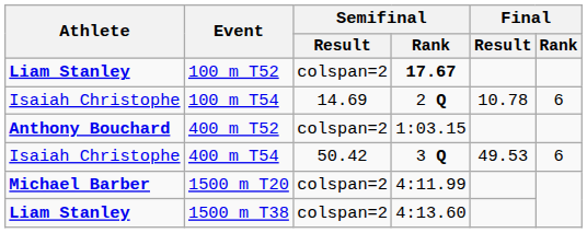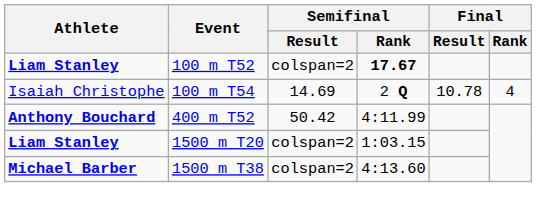 <table class="wikitable" style="font-size:90%">
 <tr>
 <th rowspan="2">Athlete</th>
 <th rowspan="2">Event</th>
 <th colspan="2">Semifinal</th>
 <th colspan="2">Final</th>
 </tr>
 <tr style="font-size:95%">
 <th>Result</th>
 <th>Rank</th>
 <th>Result</th>
 <th>Rank</th>
 </tr>
 <tr align=center>
 <td align=left><strong><a href='#'>Liam Stanley</a></strong></td>
 <td align=left><a href='#'>100 m T52</a></td>
 <td>colspan=2 </td>
 <td><strong>17.67</strong></td>
 <td></td>
 </tr>
 <tr align=center>
 <td align=left><a href='#'>Isaiah Christophe</a></td>
 <td align=left><a href='#'>100 m T54</a></td>
 <td>14.69</td>
 <td>2 <strong>Q</strong></td>
 <td>10.78</td>
-<td>6</td>
+<td>4</td>
 </tr>
 <tr align=center>
 <td align=left><strong><a href='#'>Anthony Bouchard</a></strong></td>
 <td align=left><a href='#'>400 m T52</a></td>
+<td>50.42</td>
+<td>4:11.99</td>
+<td></td>
+</tr>
+<tr align=center>
+<td align=left><strong><a href='#'>Liam Stanley</a></strong></td>
+<td align=left><a href='#'>1500 m T20</a></td>
 <td>colspan=2 </td>
 <td>1:03.15</td>
 <td></td>
 </tr>
 <tr align=center>
-<td align=left><a href='#'>Isaiah Christophe</a></td>
-<td align=left><a href='#'>400 m T54</a></td>
-<td>50.42</td>
-<td>3 <strong>Q</strong></td>
-<td>49.53</td>
-<td>6</td>
-</tr>
-<tr align=center>
 <td align=left><strong><a href='#'>Michael Barber</a></strong></td>
-<td align=left><a href='#'>1500 m T20</a></td>
-<td>colspan=2 </td>
-<td>4:11.99</td>
-<td></td>
-</tr>
-<tr align=center>
-<td align=left><strong><a href='#'>Liam Stanley</a></strong></td>
 <td align=left><a href='#'>1500 m T38</a></td>
 <td>colspan=2 </td>
 <td>4:13.60</td>
 <td></td>
 </tr>
 </table>
